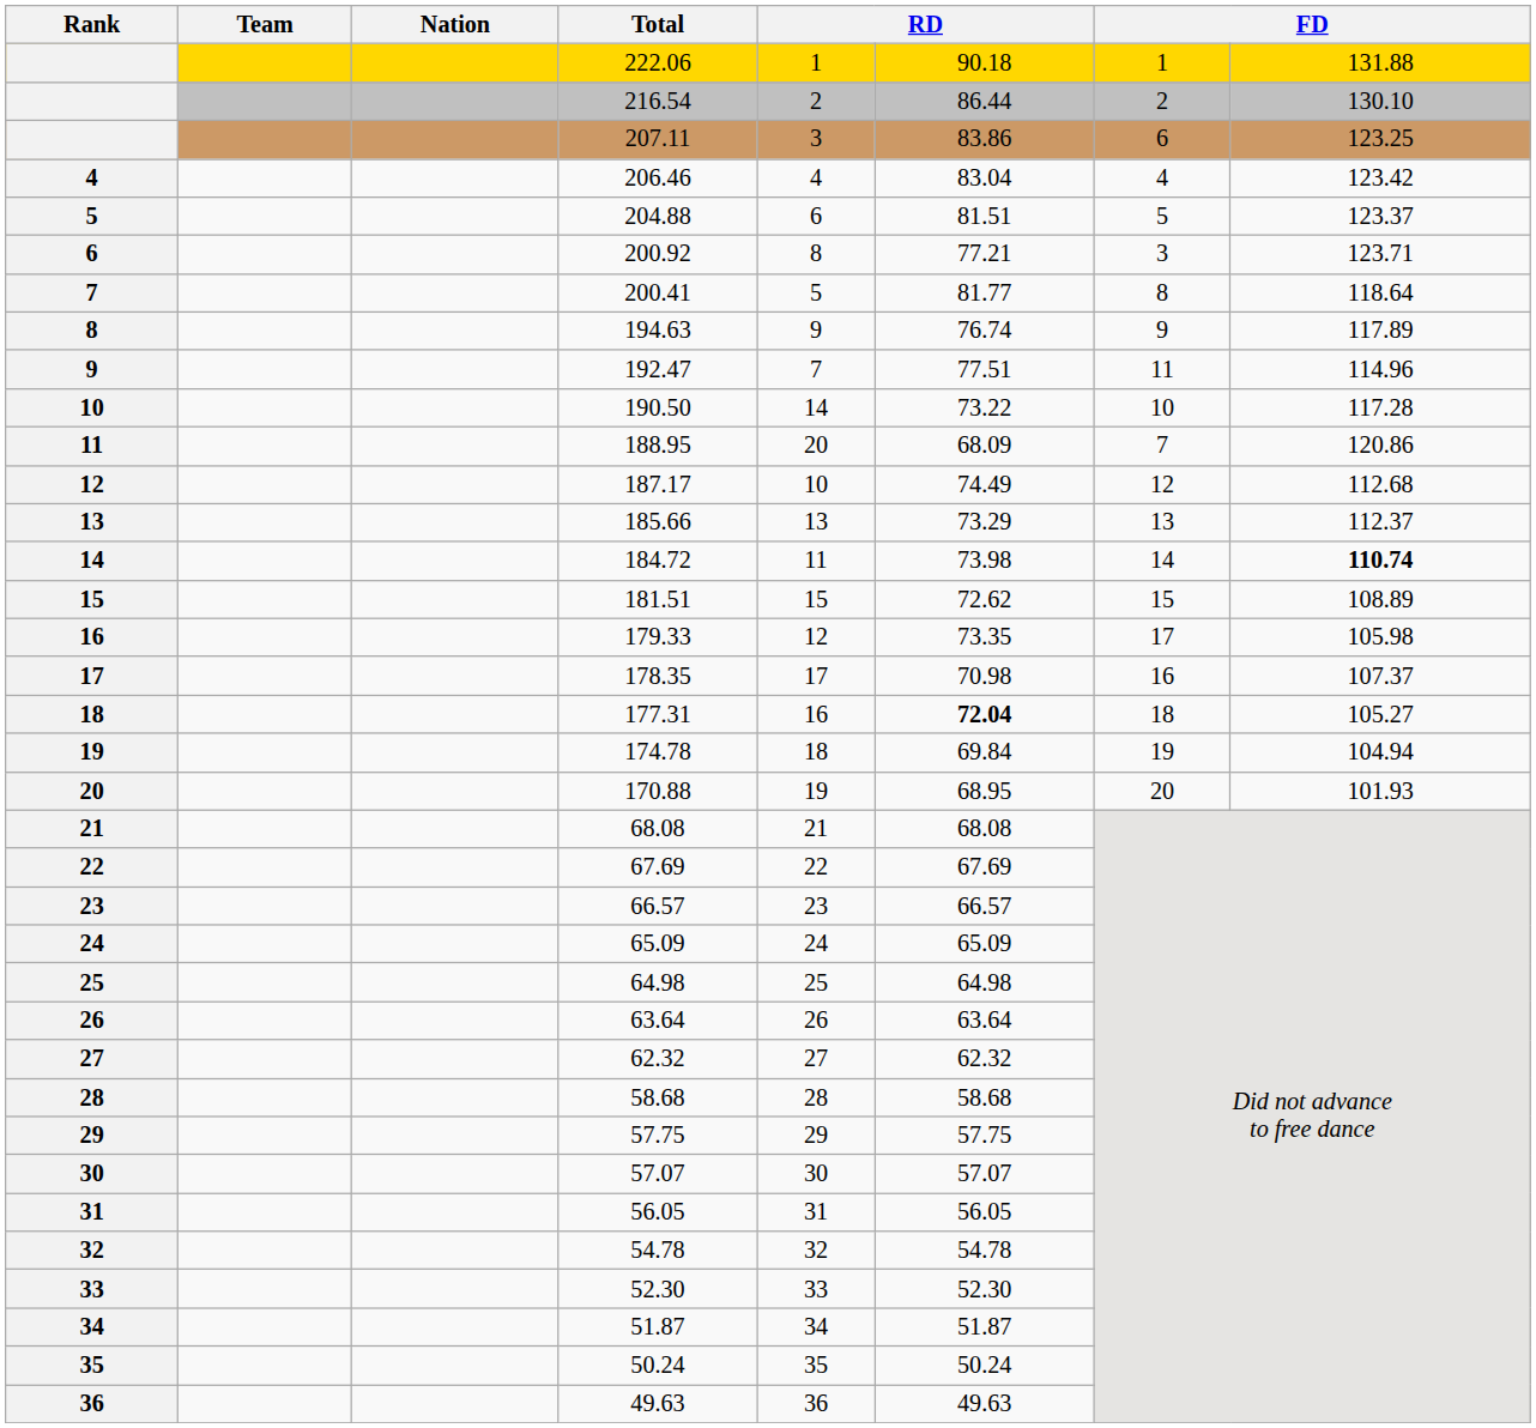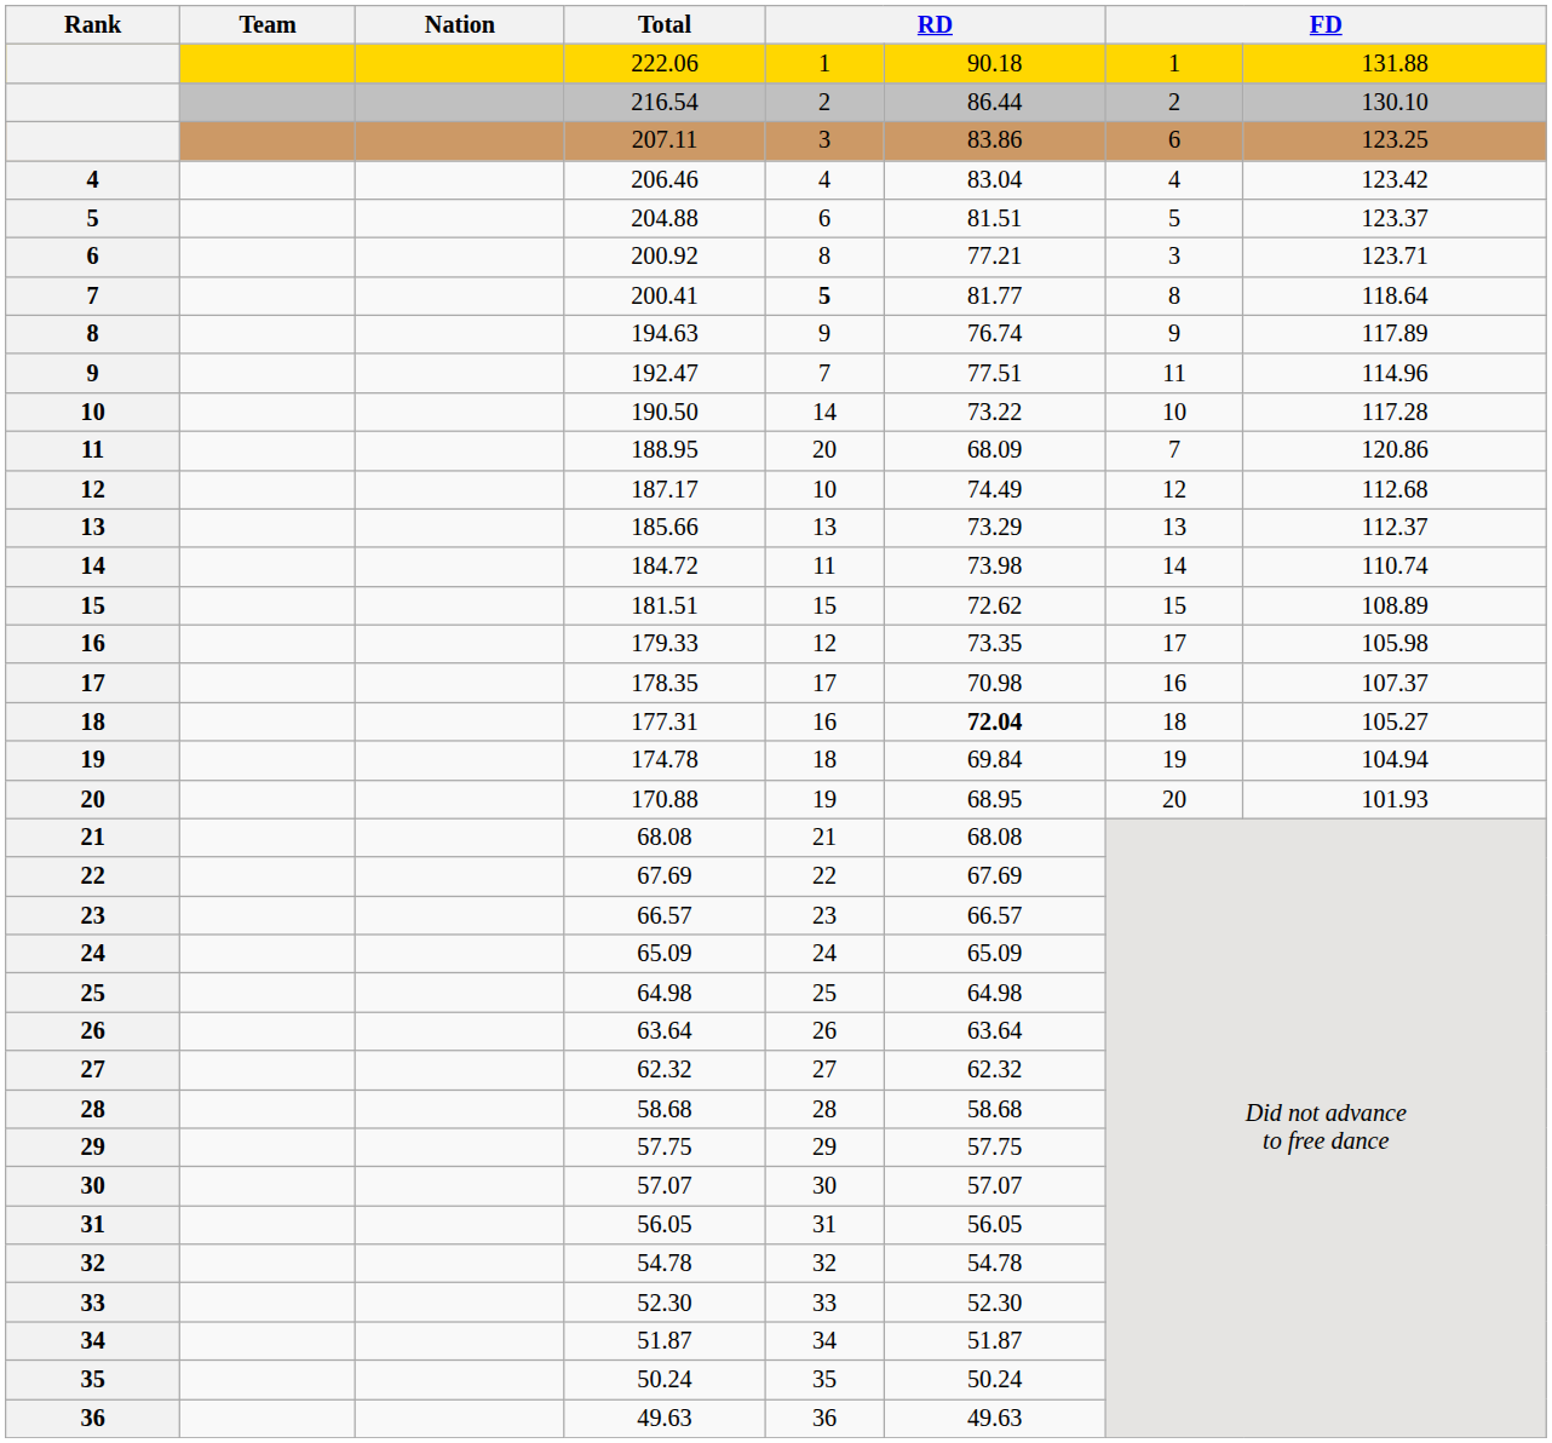 <table class="wikitable sortable" style="text-align:center; width:80%">
 <tr>
 <th scope="col">Rank</th>
 <th scope="col">Team</th>
 <th scope="col">Nation</th>
 <th scope="col">Total</th>
 <th colspan="2" width="80px"><a href='#'>RD</a></th>
 <th colspan="2" width="80px"><a href='#'>FD</a></th>
 </tr>
 <tr bgcolor="gold">
 <th scope="row"></th>
 <td align="left"></td>
 <td align="left"></td>
 <td>222.06</td>
 <td>1</td>
 <td>90.18</td>
 <td>1</td>
 <td>131.88</td>
 </tr>
 <tr bgcolor="silver">
 <th scope="row"></th>
 <td align="left"></td>
 <td align="left"></td>
 <td>216.54</td>
 <td>2</td>
 <td>86.44</td>
 <td>2</td>
 <td>130.10</td>
 </tr>
 <tr bgcolor="#cc9966">
 <th scope="row"></th>
 <td align="left"></td>
 <td align="left"></td>
 <td>207.11</td>
 <td>3</td>
 <td>83.86</td>
 <td>6</td>
 <td>123.25</td>
 </tr>
 <tr>
 <th scope="row">4</th>
 <td align="left"></td>
 <td align="left"></td>
 <td>206.46</td>
 <td>4</td>
 <td>83.04</td>
 <td>4</td>
 <td>123.42</td>
 </tr>
 <tr>
 <th scope="row">5</th>
 <td align="left"></td>
 <td align="left"></td>
 <td>204.88</td>
 <td>6</td>
 <td>81.51</td>
 <td>5</td>
 <td>123.37</td>
 </tr>
 <tr>
 <th scope="row">6</th>
 <td align="left"></td>
 <td align="left"></td>
 <td>200.92</td>
 <td>8</td>
 <td>77.21</td>
 <td>3</td>
 <td>123.71</td>
 </tr>
 <tr>
 <th scope="row">7</th>
 <td align="left"></td>
 <td align="left"></td>
 <td>200.41</td>
-<td>5</td>
+<td><strong>5</strong></td>
 <td>81.77</td>
 <td>8</td>
 <td>118.64</td>
 </tr>
 <tr>
 <th scope="row">8</th>
 <td align="left"></td>
 <td align="left"></td>
 <td>194.63</td>
 <td>9</td>
 <td>76.74</td>
 <td>9</td>
 <td>117.89</td>
 </tr>
 <tr>
 <th scope="row">9</th>
 <td align="left"></td>
 <td align="left"></td>
 <td>192.47</td>
 <td>7</td>
 <td>77.51</td>
 <td>11</td>
 <td>114.96</td>
 </tr>
 <tr>
 <th scope="row">10</th>
 <td align="left"></td>
 <td align="left"></td>
 <td>190.50</td>
 <td>14</td>
 <td>73.22</td>
 <td>10</td>
 <td>117.28</td>
 </tr>
 <tr>
 <th scope="row">11</th>
 <td align="left"></td>
 <td align="left"></td>
 <td>188.95</td>
 <td>20</td>
 <td>68.09</td>
 <td>7</td>
 <td>120.86</td>
 </tr>
 <tr>
 <th scope="row">12</th>
 <td align="left"></td>
 <td align="left"></td>
 <td>187.17</td>
 <td>10</td>
 <td>74.49</td>
 <td>12</td>
 <td>112.68</td>
 </tr>
 <tr>
 <th scope="row">13</th>
 <td align="left"></td>
 <td align="left"></td>
 <td>185.66</td>
 <td>13</td>
 <td>73.29</td>
 <td>13</td>
 <td>112.37</td>
 </tr>
 <tr>
 <th scope="row">14</th>
 <td align="left"></td>
 <td align="left"></td>
 <td>184.72</td>
 <td>11</td>
 <td>73.98</td>
 <td>14</td>
-<td><strong>110.74</strong></td>
+<td>110.74</td>
 </tr>
 <tr>
 <th scope="row">15</th>
 <td align="left"></td>
 <td align="left"></td>
 <td>181.51</td>
 <td>15</td>
 <td>72.62</td>
 <td>15</td>
 <td>108.89</td>
 </tr>
 <tr>
 <th scope="row">16</th>
 <td align="left"></td>
 <td align="left"></td>
 <td>179.33</td>
 <td>12</td>
 <td>73.35</td>
 <td>17</td>
 <td>105.98</td>
 </tr>
 <tr>
 <th scope="row">17</th>
 <td align="left"></td>
 <td align="left"></td>
 <td>178.35</td>
 <td>17</td>
 <td>70.98</td>
 <td>16</td>
 <td>107.37</td>
 </tr>
 <tr>
 <th scope="row">18</th>
 <td align="left"></td>
 <td align="left"></td>
 <td>177.31</td>
 <td>16</td>
 <td><strong>72.04</strong></td>
 <td>18</td>
 <td>105.27</td>
 </tr>
 <tr>
 <th scope="row">19</th>
 <td align="left"></td>
 <td align="left"></td>
 <td>174.78</td>
 <td>18</td>
 <td>69.84</td>
 <td>19</td>
 <td>104.94</td>
 </tr>
 <tr>
 <th scope="row">20</th>
 <td align="left"></td>
 <td align="left"></td>
 <td>170.88</td>
 <td>19</td>
 <td>68.95</td>
 <td>20</td>
 <td>101.93</td>
 </tr>
 <tr>
 <th scope="row">21</th>
 <td align="left"></td>
 <td align="left"></td>
 <td>68.08</td>
 <td>21</td>
 <td>68.08</td>
 <td colspan="2" rowspan="16" bgcolor="e5e4e2" align="center"><em>Did not advance<br>to free dance</em></td>
 </tr>
 <tr>
 <th scope="row">22</th>
 <td align="left"></td>
 <td align="left"></td>
 <td>67.69</td>
 <td>22</td>
 <td>67.69</td>
 </tr>
 <tr>
 <th scope="row">23</th>
 <td align="left"></td>
 <td align="left"></td>
 <td>66.57</td>
 <td>23</td>
 <td>66.57</td>
 </tr>
 <tr>
 <th scope="row">24</th>
 <td align="left"></td>
 <td align="left"></td>
 <td>65.09</td>
 <td>24</td>
 <td>65.09</td>
 </tr>
 <tr>
 <th scope="row">25</th>
 <td align="left"></td>
 <td align="left"></td>
 <td>64.98</td>
 <td>25</td>
 <td>64.98</td>
 </tr>
 <tr>
 <th scope="row">26</th>
 <td align="left"></td>
 <td align="left"></td>
 <td>63.64</td>
 <td>26</td>
 <td>63.64</td>
 </tr>
 <tr>
 <th scope="row">27</th>
 <td align="left"></td>
 <td align="left"></td>
 <td>62.32</td>
 <td>27</td>
 <td>62.32</td>
 </tr>
 <tr>
 <th scope="row">28</th>
 <td align="left"></td>
 <td align="left"></td>
 <td>58.68</td>
 <td>28</td>
 <td>58.68</td>
 </tr>
 <tr>
 <th scope="row">29</th>
 <td align="left"></td>
 <td align="left"></td>
 <td>57.75</td>
 <td>29</td>
 <td>57.75</td>
 </tr>
 <tr>
 <th scope="row">30</th>
 <td align="left"></td>
 <td align="left"></td>
 <td>57.07</td>
 <td>30</td>
 <td>57.07</td>
 </tr>
 <tr>
 <th scope="row">31</th>
 <td align="left"></td>
 <td align="left"></td>
 <td>56.05</td>
 <td>31</td>
 <td>56.05</td>
 </tr>
 <tr>
 <th scope="row">32</th>
 <td align="left"></td>
 <td align="left"></td>
 <td>54.78</td>
 <td>32</td>
 <td>54.78</td>
 </tr>
 <tr>
 <th scope="row">33</th>
 <td align="left"></td>
 <td align="left"></td>
 <td>52.30</td>
 <td>33</td>
 <td>52.30</td>
 </tr>
 <tr>
 <th scope="row">34</th>
 <td align="left"></td>
 <td align="left"></td>
 <td>51.87</td>
 <td>34</td>
 <td>51.87</td>
 </tr>
 <tr>
 <th scope="row">35</th>
 <td align="left"></td>
 <td align="left"></td>
 <td>50.24</td>
 <td>35</td>
 <td>50.24</td>
 </tr>
 <tr>
 <th scope="row">36</th>
 <td align="left"></td>
 <td align="left"></td>
 <td>49.63</td>
 <td>36</td>
 <td>49.63</td>
 </tr>
 </table>
